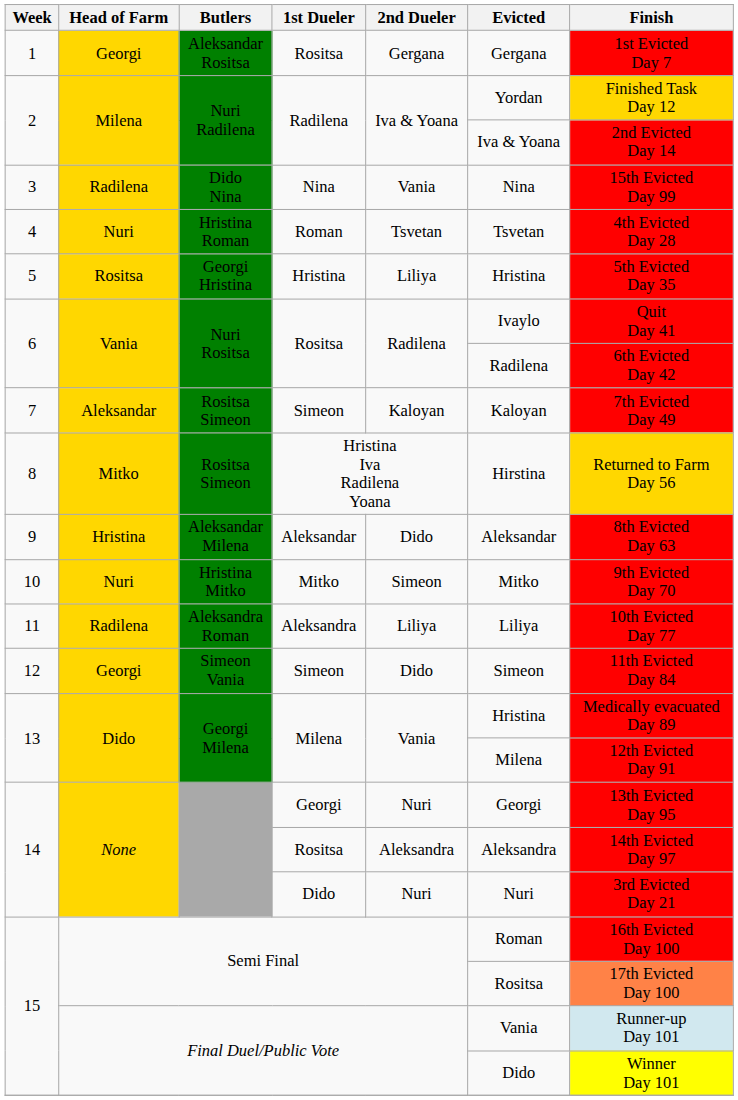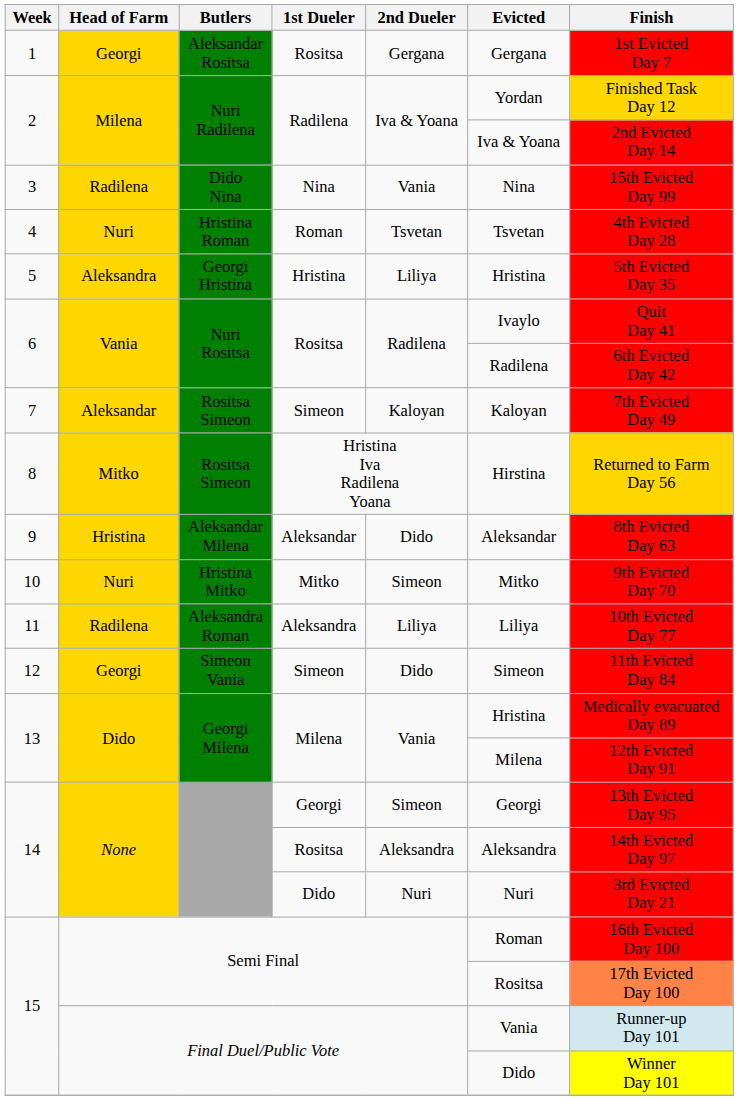 <table class="wikitable" style="font-size:100%; text-align:center; width: 80%; margin-left: auto; margin-right: auto;">
 <tr>
 <th>Week</th>
 <th>Head of Farm</th>
 <th>Butlers</th>
 <th>1st Dueler</th>
 <th>2nd Dueler</th>
 <th>Evicted</th>
 <th>Finish</th>
 </tr>
 <tr>
 <td>1</td>
 <td style="background:gold;">Georgi</td>
 <td style="background:green;">Aleksandar<br>Rositsa</td>
 <td>Rositsa</td>
 <td>Gergana</td>
 <td>Gergana</td>
 <td style="background:#ff0000">1st Evicted<br>Day 7</td>
 </tr>
 <tr>
 <td rowspan="2">2</td>
 <td rowspan="2" style="background:gold;">Milena</td>
 <td rowspan="2" style="background:green;">Nuri<br>Radilena</td>
 <td rowspan="2">Radilena</td>
 <td rowspan="2">Iva & Yoana</td>
 <td rowspan="1">Yordan</td>
 <td rowspan="1" style="background:gold">Finished Task<br>Day 12</td>
 </tr>
 <tr>
 <td rowspan="1">Iva & Yoana</td>
 <td rowspan="1" style="background:#ff0000">2nd Evicted<br>Day 14</td>
 </tr>
 <tr>
 <td>3</td>
 <td style="background:gold;">Radilena</td>
 <td style="background:green;">Dido<br>Nina</td>
 <td>Nina</td>
 <td>Vania</td>
 <td>Nina</td>
 <td rowspan="1" style="background:#ff0000">15th Evicted<br>Day 99</td>
 </tr>
 <tr>
 <td>4</td>
 <td style="background:gold;">Nuri</td>
 <td style="background:green;">Hristina<br>Roman</td>
 <td>Roman</td>
 <td>Tsvetan</td>
 <td>Tsvetan</td>
 <td style="background:#ff0000">4th Evicted<br>Day 28</td>
 </tr>
 <tr>
 <td>5</td>
-<td style="background:gold;">Rositsa</td>
+<td style="background:gold;">Aleksandra</td>
 <td style="background:green;">Georgi<br>Hristina</td>
 <td>Hristina</td>
 <td>Liliya</td>
 <td>Hristina</td>
 <td style="background:#ff0000">5th Evicted<br>Day 35</td>
 </tr>
 <tr>
 <td rowspan="2">6</td>
 <td rowspan="2" style="background:gold;">Vania</td>
 <td rowspan="2" style="background:green;">Nuri<br>Rositsa</td>
 <td rowspan="2">Rositsa</td>
 <td rowspan="2">Radilena</td>
 <td rowspan="1">Ivaylo</td>
 <td rowspan="1" style="background:#ff0000">Quit<br>Day 41</td>
 </tr>
 <tr>
 <td rowspan="1">Radilena</td>
 <td rowspan="1" style="background:#ff0000">6th Evicted<br>Day 42</td>
 </tr>
 <tr>
 <td>7</td>
 <td style="background:gold;">Aleksandar</td>
 <td style="background:green;">Rositsa<br>Simeon</td>
 <td>Simeon</td>
 <td>Kaloyan</td>
 <td>Kaloyan</td>
 <td style="background:#ff0000">7th Evicted<br>Day 49</td>
 </tr>
 <tr>
 <td>8</td>
 <td style="background:gold;">Mitko</td>
 <td style="background:green;">Rositsa<br>Simeon</td>
 <td colspan="2">Hristina<br>Iva<br>Radilena<br>Yoana</td>
 <td>Hirstina</td>
 <td style="background:gold">Returned to Farm<br>Day 56</td>
 </tr>
 <tr>
 <td>9</td>
 <td style="background:gold;">Hristina</td>
 <td style="background:green;">Aleksandar<br>Milena</td>
 <td>Aleksandar</td>
 <td>Dido</td>
 <td>Aleksandar</td>
 <td style="background:#ff0000">8th Evicted<br>Day 63</td>
 </tr>
 <tr>
 <td>10</td>
 <td style="background:gold;">Nuri</td>
 <td style="background:green;">Hristina<br>Mitko</td>
 <td>Mitko</td>
 <td>Simeon</td>
 <td>Mitko</td>
 <td style="background:#ff0000">9th Evicted<br>Day 70</td>
 </tr>
 <tr>
 <td>11</td>
 <td style="background:gold;">Radilena</td>
 <td style="background:green;">Aleksandra<br>Roman</td>
 <td>Aleksandra</td>
 <td>Liliya</td>
 <td>Liliya</td>
 <td style="background:#ff0000">10th Evicted<br>Day 77</td>
 </tr>
 <tr>
 <td>12</td>
 <td style="background:gold;">Georgi</td>
 <td style="background:green;">Simeon<br>Vania</td>
 <td>Simeon</td>
 <td>Dido</td>
 <td>Simeon</td>
 <td style="background:#ff0000">11th Evicted<br>Day 84</td>
 </tr>
 <tr>
 <td rowspan="2">13</td>
 <td rowspan="2" style="background:gold;">Dido</td>
 <td rowspan="2" style="background:green;">Georgi<br>Milena</td>
 <td rowspan="2">Milena</td>
 <td rowspan="2">Vania</td>
 <td rowspan="1">Hristina</td>
 <td rowpspan="1" style="background:#ff0000">Medically evacuated<br>Day 89</td>
 </tr>
 <tr>
 <td rowspan="1">Milena</td>
 <td rowspan="1" style="background:#ff0000">12th Evicted<br>Day 91</td>
 </tr>
 <tr>
 <td rowspan="3">14</td>
 <td rowspan="3" style="background:gold;"><em>None</em></td>
 <td rowspan="3" bgcolor="darkgrey"></td>
 <td rowspan="1">Georgi</td>
-<td rowspan="1">Nuri</td>
+<td>Simeon</td>
 <td rowspan="1">Georgi</td>
 <td rowspan="1" style="background:#ff0000">13th Evicted<br>Day 95</td>
 </tr>
 <tr>
 <td rowspan="1">Rositsa</td>
 <td rowspan="1">Aleksandra</td>
 <td rowspan="1">Aleksandra</td>
 <td rowspan="1" style="background:#ff0000">14th Evicted<br>Day 97</td>
 </tr>
 <tr>
 <td rowspan="1">Dido</td>
 <td rowspan="1">Nuri</td>
 <td rowspan="1">Nuri</td>
 <td style="background:#ff0000">3rd Evicted<br>Day 21</td>
 </tr>
 <tr>
 <td rowspan="4">15</td>
 <td colspan="4" rowspan="2">Semi Final</td>
 <td rowspan="1">Roman</td>
 <td rowspan="1" style="background:#ff0000;">16th Evicted<br>Day 100</td>
 </tr>
 <tr>
 <td rowspan="1">Rositsa</td>
 <td rowspan="1" style="background:#FF8247;">17th Evicted<br>Day 100</td>
 </tr>
 <tr>
 <td colspan="4" rowspan="2"><em>Final Duel/Public Vote</em></td>
 <td rowspan="1">Vania</td>
 <td rowspan="1" style="background:#D1E8EF">Runner-up<br>Day 101</td>
 </tr>
 <tr>
 <td rowspan="1">Dido</td>
 <td rowspan="1" style="background:yellow">Winner<br>Day 101</td>
 </tr>
 <tr>
 </tr>
 </table>
